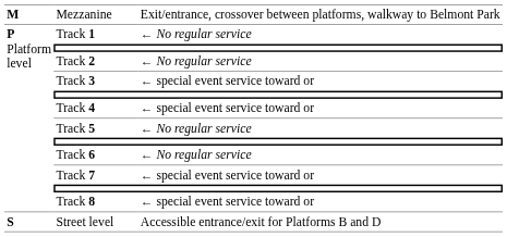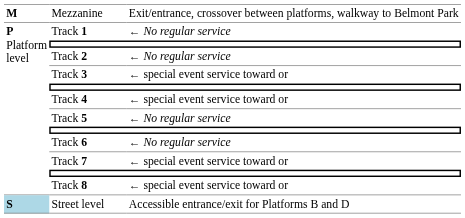 <table border=0 cellspacing=0 cellpadding=3>
 <tr>
 <td style="border-top:solid 1px gray;border-bottom:solid 1px gray" width=50><strong>M</strong></td>
 <td style="border-top:solid 1px gray;border-bottom:solid 1px gray" width=100>Mezzanine</td>
 <td style="border-top:solid 1px gray;border-bottom:solid 1px gray">Exit/entrance, crossover between platforms, walkway to Belmont Park</td>
 </tr>
 <tr>
 <td style="border-bottom:solid 1px gray" rowspan=12 valign=top><strong>P</strong><br>Platform level</td>
 <td>Track <strong>1</strong></td>
 <td>← <em>No regular service</em></td>
 </tr>
 <tr>
 <td style="border-top:solid 2px black;border-right:solid 2px black;border-left:solid 2px black;border-bottom:solid 2px black;text-align:center" colspan=2></td>
 </tr>
 <tr>
 <td style="border-bottom:solid 1px gray">Track <strong>2</strong></td>
 <td style="border-bottom:solid 1px gray">← <em>No regular service</em></td>
 </tr>
 <tr>
 <td>Track <strong>3</strong></td>
 <td>←  special event service toward  or  </td>
 </tr>
 <tr>
 <td style="border-top:solid 2px black;border-right:solid 2px black;border-left:solid 2px black;border-bottom:solid 2px black;text-align:center" colspan=2> </td>
 </tr>
 <tr>
 <td style="border-bottom:solid 1px gray">Track <strong>4</strong></td>
 <td style="border-bottom:solid 1px gray">←  special event service toward  or  </td>
 </tr>
 <tr>
 <td>Track <strong>5</strong></td>
 <td>← <em>No regular service</em></td>
 </tr>
 <tr>
 <td style="border-top:solid 2px black;border-right:solid 2px black;border-left:solid 2px black;border-bottom:solid 2px black;text-align:center" colspan=2></td>
 </tr>
 <tr>
 <td style="border-bottom:solid 1px gray">Track <strong>6</strong></td>
 <td style="border-bottom:solid 1px gray">← <em>No regular service</em></td>
 </tr>
 <tr>
 <td>Track <strong>7</strong></td>
 <td>←  special event service toward  or  </td>
 </tr>
 <tr>
 <td style="border-top:solid 2px black;border-right:solid 2px black;border-left:solid 2px black;border-bottom:solid 2px black;text-align:center" colspan=2> </td>
 </tr>
 <tr>
 <td style="border-bottom:solid 1px gray">Track <strong>8</strong></td>
 <td style="border-bottom:solid 1px gray">←  special event service toward  or  </td>
 </tr>
 <tr>
-<td style="border-bottom:solid 1px gray"><strong>S</strong></td>
+<td style="background: lightblue; border-bottom:solid 1px gray"><strong>S</strong></td>
 <td style="border-bottom:solid 1px gray">Street level</td>
 <td style="border-bottom:solid 1px gray">Accessible entrance/exit for Platforms B and D</td>
 </tr>
 </table>
